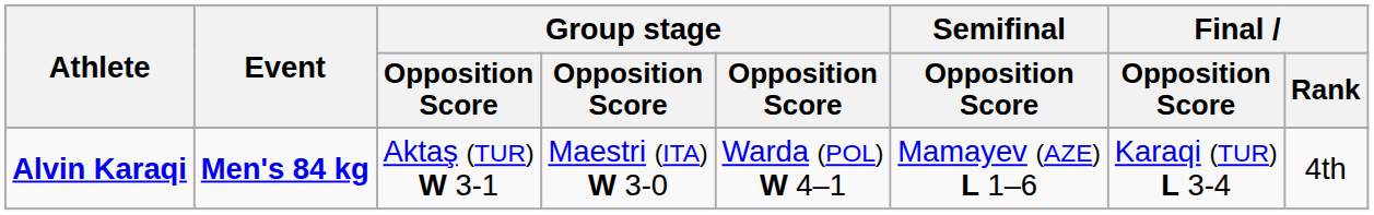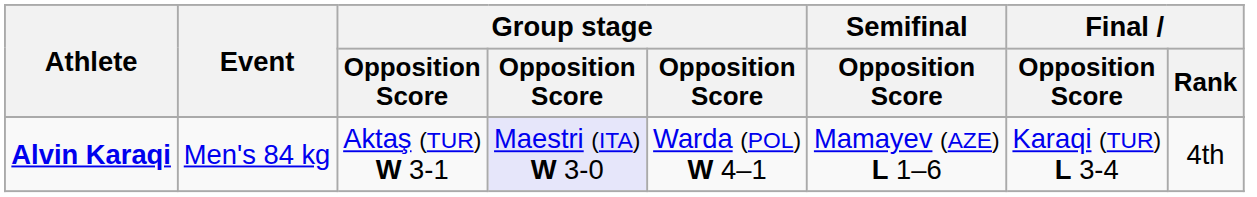 <table class="wikitable" style="text-align:center; font-size:90%">
 <tr>
 <th rowspan=2>Athlete</th>
 <th rowspan=2>Event</th>
 <th colspan=3>Group stage</th>
 <th>Semifinal</th>
 <th colspan=2>Final / </th>
 </tr>
 <tr style="font-size:95%">
 <th>Opposition<br>Score</th>
 <th>Opposition<br>Score</th>
 <th>Opposition<br>Score</th>
 <th>Opposition<br>Score</th>
 <th>Opposition<br>Score</th>
 <th>Rank</th>
 </tr>
 <tr>
 </tr>
 <tr align=center>
 <td align=left><strong><a href='#'>Alvin Karaqi</a></strong></td>
-<td align=left><strong><a href='#'>Men's 84 kg</a></strong></td>
+<td align=left><a href='#'>Men's 84 kg</a></td>
 <td> <a href='#'>Aktaş</a> <small>(<a href='#'>TUR</a>)</small> <br><strong>W</strong> 3-1</td>
-<td> <a href='#'>Maestri</a> <small>(<a href='#'>ITA</a>)</small> <br><strong>W</strong> 3-0</td>
+<td style="background: lavender;"> <a href='#'>Maestri</a> <small>(<a href='#'>ITA</a>)</small> <br><strong>W</strong> 3-0</td>
 <td> <a href='#'>Warda</a> <small>(<a href='#'>POL</a>)</small> <br><strong>W</strong> 4–1</td>
 <td> <a href='#'>Mamayev</a> <small>(<a href='#'>AZE</a>)</small> <br><strong>L</strong> 1–6</td>
 <td> <a href='#'>Karaqi</a> <small>(<a href='#'>TUR</a>)</small> <br><strong>L</strong> 3-4</td>
 <td>4th</td>
 </tr>
 </table>
